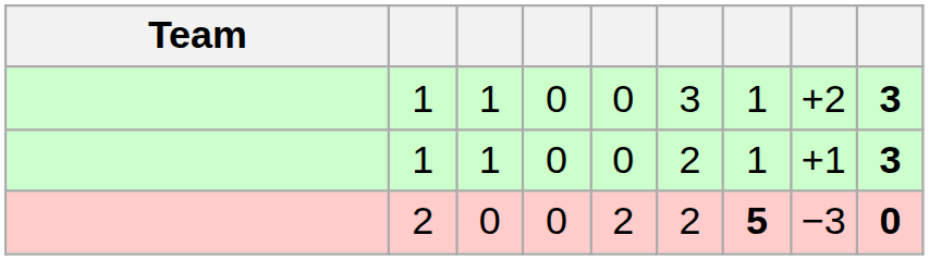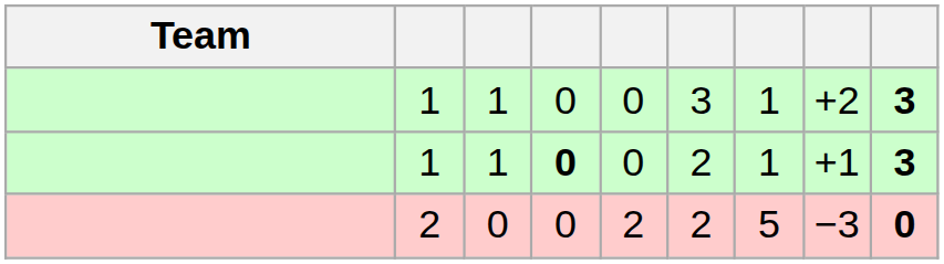 <table class="wikitable" style="text-align:center">
 <tr>
 <th width=150>Team</th>
 <th width=20 abbr="Played"></th>
 <th width=20 abbr="Won"></th>
 <th width=20 abbr="Drawn"></th>
 <th width=20 abbr="Lost"></th>
 <th width=20 abbr="Goals for"></th>
 <th width=20 abbr="Goals against"></th>
 <th width=20 abbr="Goal difference"></th>
 <th width=20 abbr="Points"></th>
 </tr>
 <tr bgcolor="#ccffcc">
 <td align="left"></td>
 <td>1</td>
 <td>1</td>
 <td>0</td>
 <td>0</td>
 <td>3</td>
 <td>1</td>
 <td>+2</td>
 <td><strong>3</strong></td>
 </tr>
 <tr bgcolor="#ccffcc">
 <td align="left"></td>
 <td>1</td>
 <td>1</td>
-<td>0</td>
+<td><strong>0</strong></td>
 <td>0</td>
 <td>2</td>
 <td>1</td>
 <td>+1</td>
 <td><strong>3</strong></td>
 </tr>
 <tr bgcolor=#ffcccc>
 <td align="left"></td>
 <td>2</td>
 <td>0</td>
 <td>0</td>
 <td>2</td>
 <td>2</td>
-<td><strong>5</strong></td>
+<td>5</td>
 <td>−3</td>
 <td><strong>0</strong></td>
 </tr>
 </table>
